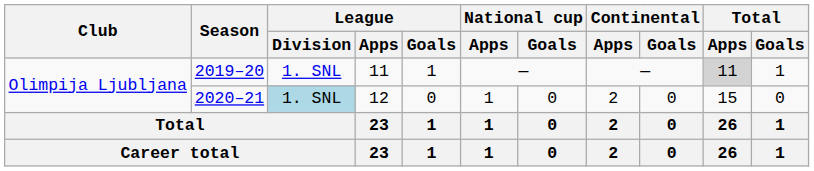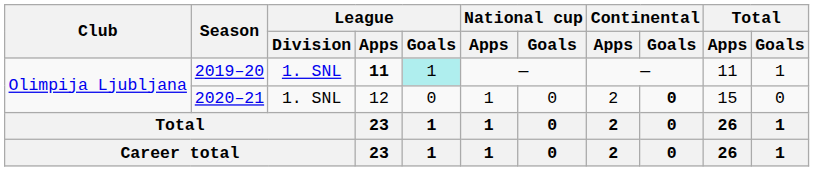 <table class="wikitable" style="text-align: center">
 <tr>
 <th rowspan="2">Club</th>
 <th rowspan="2">Season</th>
 <th colspan="3">League</th>
 <th colspan="2">National cup</th>
 <th colspan="2">Continental</th>
 <th colspan="2">Total</th>
 </tr>
 <tr>
 <th>Division</th>
 <th>Apps</th>
 <th>Goals</th>
 <th>Apps</th>
 <th>Goals</th>
 <th>Apps</th>
 <th>Goals</th>
 <th>Apps</th>
 <th>Goals</th>
 </tr>
 <tr>
 <td rowspan="2"><a href='#'>Olimpija Ljubljana</a></td>
 <td><a href='#'>2019–20</a></td>
 <td><a href='#'>1. SNL</a></td>
-<td>11</td>
-<td>1</td>
+<td><strong>11</strong></td>
+<td style="background: paleturquoise;">1</td>
 <td colspan="2">—</td>
 <td colspan="2">—</td>
-<td style="background: lightgrey;">11</td>
+<td>11</td>
 <td>1</td>
 </tr>
 <tr>
 <td><a href='#'>2020–21</a></td>
-<td style="background: lightblue;">1. SNL</td>
+<td>1. SNL</td>
 <td>12</td>
 <td>0</td>
 <td>1</td>
 <td>0</td>
 <td>2</td>
-<td>0</td>
+<td><strong>0</strong></td>
 <td>15</td>
 <td>0</td>
 </tr>
 <tr>
 <th colspan=3>Total</th>
 <th>23</th>
 <th>1</th>
 <th>1</th>
 <th>0</th>
 <th>2</th>
 <th>0</th>
 <th>26</th>
 <th>1</th>
 </tr>
 <tr>
 <th colspan=3>Career total</th>
 <th>23</th>
 <th>1</th>
 <th>1</th>
 <th>0</th>
 <th>2</th>
 <th>0</th>
 <th>26</th>
 <th>1</th>
 </tr>
 </table>
